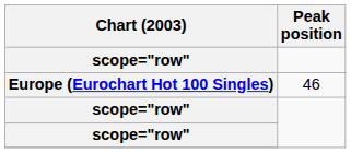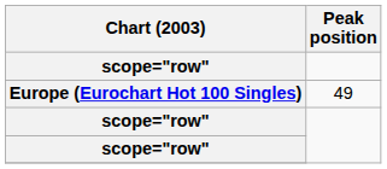 <table class="wikitable sortable plainrowheaders">
 <tr>
 <th>Chart (2003)</th>
 <th>Peak<br>position</th>
 </tr>
 <tr>
 <th>scope="row"</th>
 </tr>
 <tr>
 <th scope="row">Europe (<a href='#'>Eurochart Hot 100 Singles</a>)</th>
-<td align="center">46</td>
+<td align="center">49</td>
 </tr>
 <tr>
 <th>scope="row"</th>
 </tr>
 <tr>
 <th>scope="row"</th>
 </tr>
 <tr>
 </tr>
 </table>
